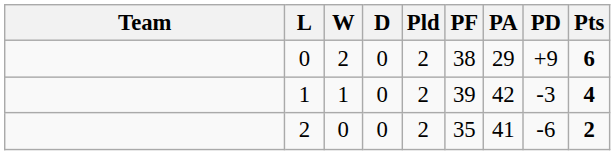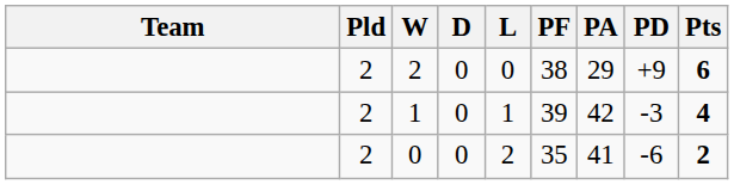 <table class="wikitable" style="text-align:center;">
 <tr>
 <th width="190">Team</th>
-<th width="20" abbr="Lost">L</th>
+<th width="20" abbr="Played">Pld</th>
 <th width="20" abbr="Won">W</th>
 <th width="20" abbr="Drawn">D</th>
-<th width="20" abbr="Played">Pld</th>
+<th width="20" abbr="Lost">L</th>
 <th width="20" abbr="Points for">PF</th>
 <th width="20" abbr="Points against">PA</th>
 <th width="25" abbr="Points difference">PD</th>
 <th width="20" abbr="Points">Pts</th>
 </tr>
 <tr style="background:">
 <td align="left"></td>
-<td>0</td>
+<td>2</td>
 <td>2</td>
 <td>0</td>
-<td>2</td>
+<td>0</td>
 <td>38</td>
 <td>29</td>
 <td>+9</td>
 <td><strong>6</strong></td>
 </tr>
 <tr style="background:">
 <td align="left"></td>
-<td>1</td>
+<td>2</td>
 <td>1</td>
 <td>0</td>
-<td>2</td>
+<td>1</td>
 <td>39</td>
 <td>42</td>
 <td>-3</td>
 <td><strong>4</strong></td>
 </tr>
 <tr>
 <td align="left"></td>
 <td>2</td>
 <td>0</td>
 <td>0</td>
 <td>2</td>
 <td>35</td>
 <td>41</td>
 <td>-6</td>
 <td><strong>2</strong></td>
 </tr>
 </table>
